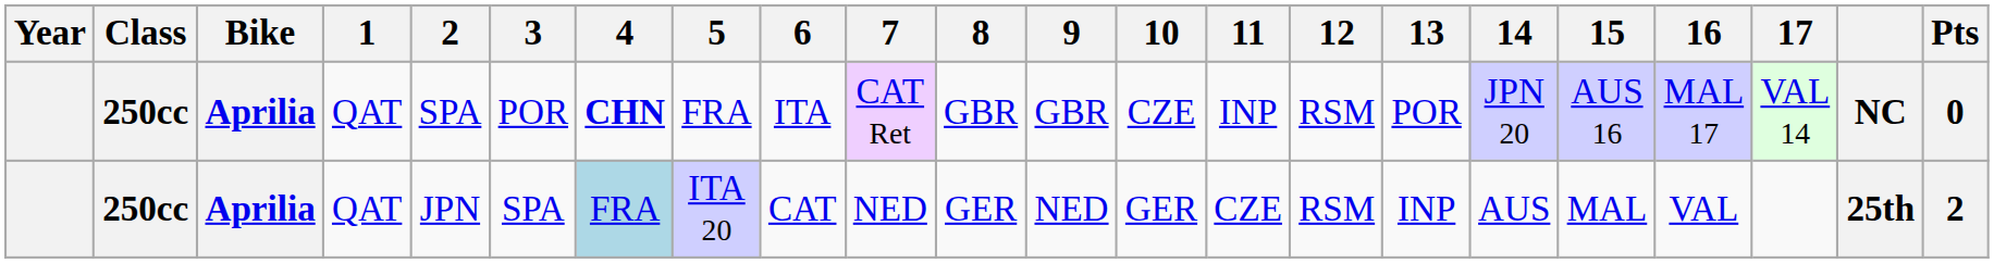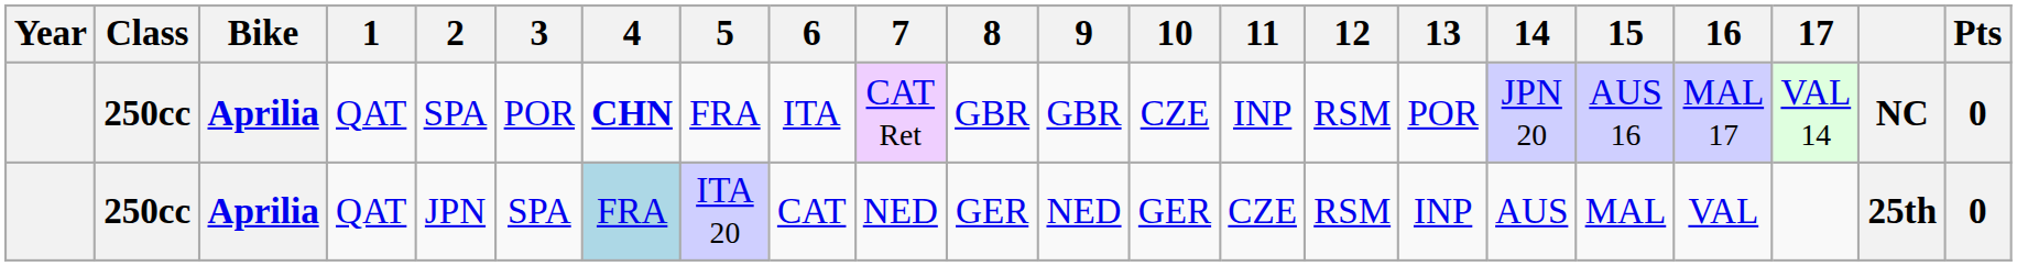 <table class="wikitable" style="text-align:center">
 <tr>
 <th>Year</th>
 <th>Class</th>
 <th>Bike</th>
 <th>1</th>
 <th>2</th>
 <th>3</th>
 <th>4</th>
 <th>5</th>
 <th>6</th>
 <th>7</th>
 <th>8</th>
 <th>9</th>
 <th>10</th>
 <th>11</th>
 <th>12</th>
 <th>13</th>
 <th>14</th>
 <th>15</th>
 <th>16</th>
 <th>17</th>
 <th></th>
 <th>Pts</th>
 </tr>
 <tr>
 <th align=left></th>
 <th align=left>250cc</th>
 <th align=left><a href='#'>Aprilia</a></th>
 <td><a href='#'>QAT</a></td>
 <td><a href='#'>SPA</a></td>
 <td><a href='#'>POR</a></td>
 <td><strong><a href='#'>CHN</a></strong></td>
 <td><a href='#'>FRA</a></td>
 <td><a href='#'>ITA</a></td>
 <td style="background:#EFCFFF;"><a href='#'>CAT</a><br><small>Ret</small></td>
 <td><a href='#'>GBR</a></td>
 <td><a href='#'>GBR</a></td>
 <td><a href='#'>CZE</a></td>
 <td><a href='#'>INP</a></td>
 <td><a href='#'>RSM</a></td>
 <td><a href='#'>POR</a></td>
 <td style="background:#CFCFFF;"><a href='#'>JPN</a><br><small>20</small></td>
 <td style="background:#CFCFFF;"><a href='#'>AUS</a><br><small>16</small></td>
 <td style="background:#CFCFFF;"><a href='#'>MAL</a><br><small>17</small></td>
 <td style="background:#dfffdf;"><a href='#'>VAL</a><br><small>14</small></td>
 <th>NC</th>
 <th>0</th>
 </tr>
 <tr>
 <th align="left"></th>
 <th align="left">250cc</th>
 <th align="left"><a href='#'>Aprilia</a></th>
 <td><a href='#'>QAT</a></td>
 <td><a href='#'>JPN</a></td>
 <td><a href='#'>SPA</a></td>
 <td style="background: lightblue;"><a href='#'>FRA</a></td>
 <td style="background:#CFCFFF;"><a href='#'>ITA</a><br><small>20</small></td>
 <td><a href='#'>CAT</a></td>
 <td><a href='#'>NED</a></td>
 <td><a href='#'>GER</a></td>
 <td><a href='#'>NED</a></td>
 <td><a href='#'>GER</a></td>
 <td><a href='#'>CZE</a></td>
 <td><a href='#'>RSM</a></td>
 <td><a href='#'>INP</a></td>
 <td><a href='#'>AUS</a></td>
 <td><a href='#'>MAL</a></td>
 <td><a href='#'>VAL</a></td>
 <td></td>
 <th>25th</th>
-<th>2</th>
+<th>0</th>
 </tr>
 </table>
